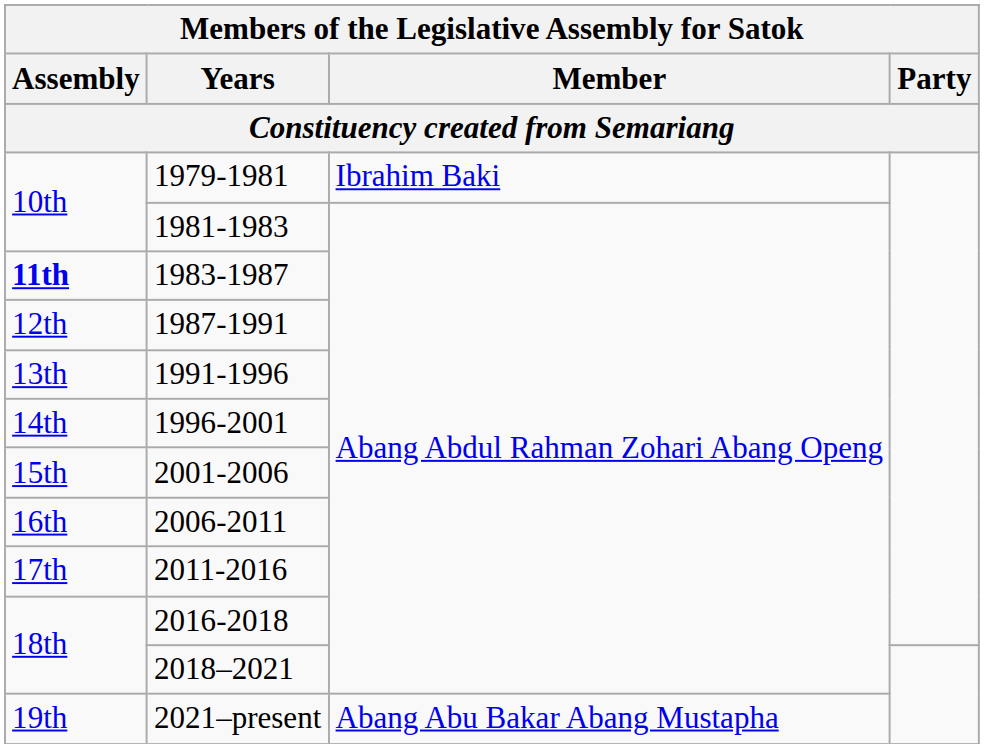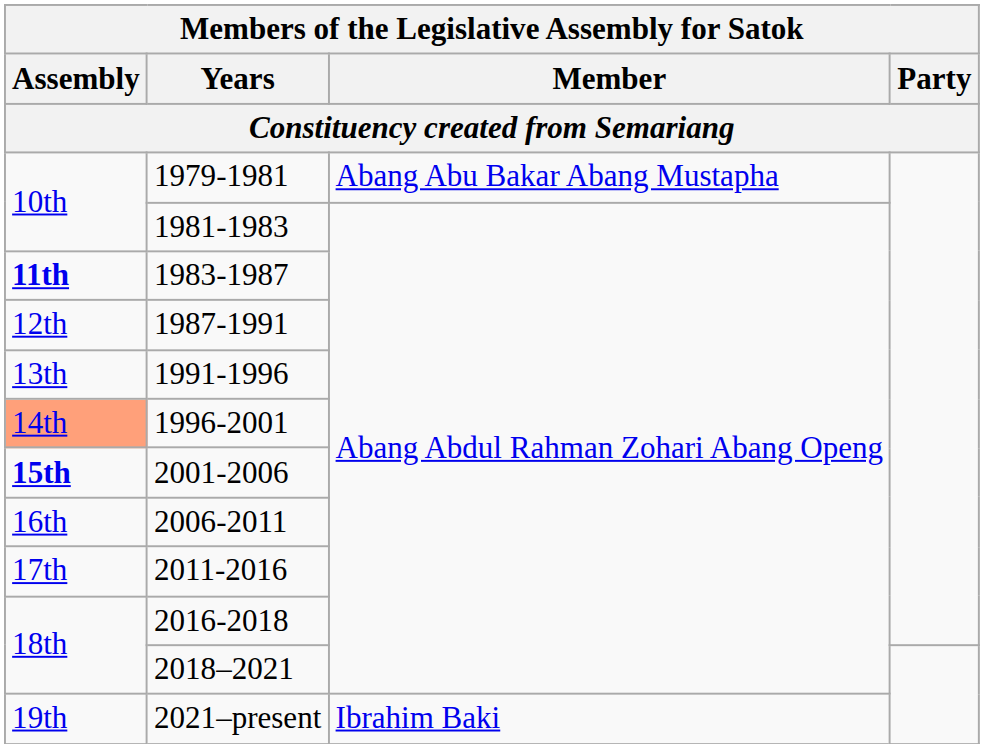 <table class=wikitable>
 <tr>
 <th colspan="4">Members of the Legislative Assembly for Satok</th>
 </tr>
 <tr>
 <th>Assembly</th>
 <th>Years</th>
 <th>Member</th>
 <th>Party</th>
 </tr>
 <tr>
 <th colspan=4 align=center><em>Constituency created from Semariang</em></th>
 </tr>
 <tr>
 <td rowspan=2><a href='#'>10th</a></td>
 <td>1979-1981</td>
-<td><a href='#'>Ibrahim Baki</a></td>
+<td><a href='#'>Abang Abu Bakar Abang Mustapha</a></td>
 <td rowspan=10></td>
 </tr>
 <tr>
 <td>1981-1983</td>
 <td rowspan=10><a href='#'>Abang Abdul Rahman Zohari Abang Openg</a></td>
 </tr>
 <tr>
 <td><strong><a href='#'>11th</a></strong></td>
 <td>1983-1987</td>
 </tr>
 <tr>
 <td><a href='#'>12th</a></td>
 <td>1987-1991</td>
 </tr>
 <tr>
 <td><a href='#'>13th</a></td>
 <td>1991-1996</td>
 </tr>
 <tr>
-<td><a href='#'>14th</a></td>
+<td style="background: lightsalmon;"><a href='#'>14th</a></td>
 <td>1996-2001</td>
 </tr>
 <tr>
-<td><a href='#'>15th</a></td>
+<td><strong><a href='#'>15th</a></strong></td>
 <td>2001-2006</td>
 </tr>
 <tr>
 <td><a href='#'>16th</a></td>
 <td>2006-2011</td>
 </tr>
 <tr>
 <td><a href='#'>17th</a></td>
 <td>2011-2016</td>
 </tr>
 <tr>
 <td rowspan=2><a href='#'>18th</a></td>
 <td>2016-2018</td>
 </tr>
 <tr>
 <td>2018–2021</td>
 <td rowspan="2"></td>
 </tr>
 <tr>
 <td><a href='#'>19th</a></td>
 <td>2021–present</td>
-<td><a href='#'>Abang Abu Bakar Abang Mustapha</a></td>
+<td><a href='#'>Ibrahim Baki</a></td>
 </tr>
 </table>
